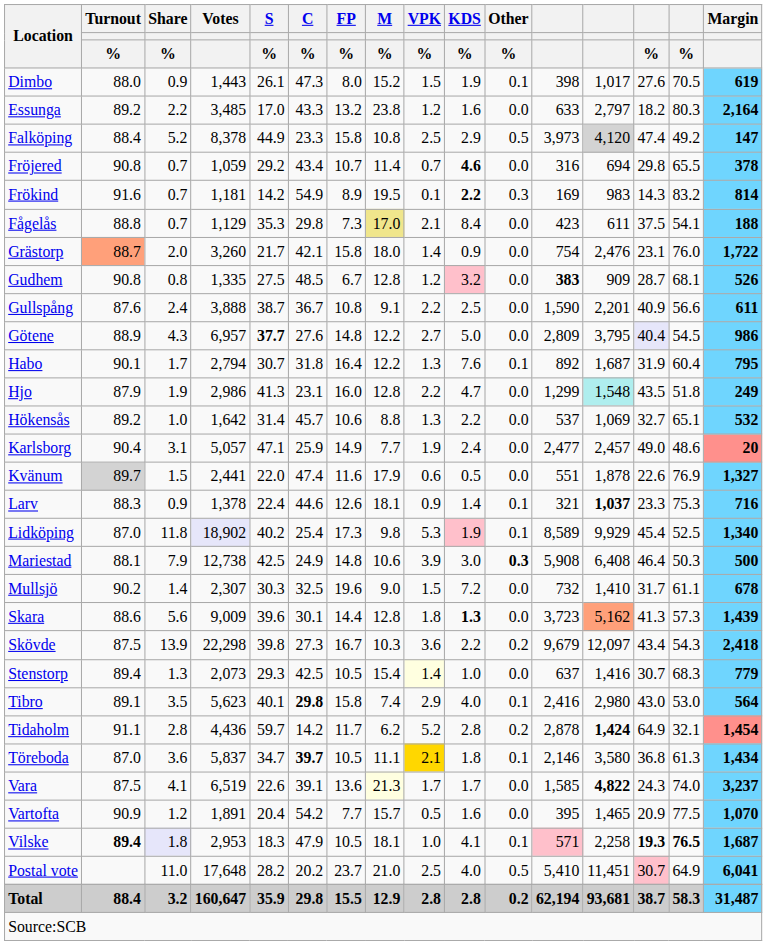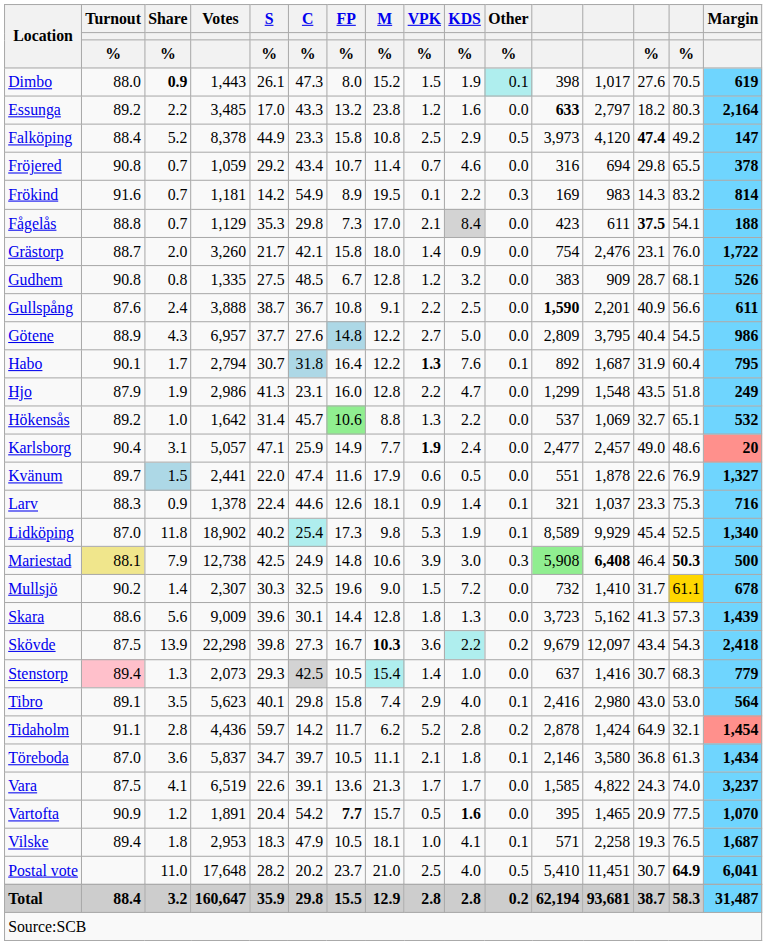 <table class="wikitable sortable" style="text-align:right; font-size:95%; line-height:20px;">
 <tr>
 <th rowspan="3">Location</th>
 <th>Turnout</th>
 <th>Share</th>
 <th>Votes</th>
 <th width="30px" class="unsortable"><a href='#'>S</a></th>
 <th width="30px" class="unsortable"><a href='#'>C</a></th>
 <th width="30px" class="unsortable"><a href='#'>FP</a></th>
 <th width="30px" class="unsortable"><a href='#'>M</a></th>
 <th width="30px" class="unsortable"><a href='#'>VPK</a></th>
 <th width="30px" class="unsortable"><a href='#'>KDS</a></th>
 <th width="30px" class="unsortable">Other</th>
 <th></th>
 <th></th>
 <th></th>
 <th></th>
 <th>Margin</th>
 </tr>
 <tr>
 <th></th>
 <th></th>
 <th></th>
 <th style="background:"></th>
 <th style="background:"></th>
 <th style="background:"></th>
 <th style="background:"></th>
 <th style="background:"></th>
 <th style="background:"></th>
 <th style="background:"></th>
 <th style="background:"></th>
 <th style="background:"></th>
 <th style="background:"></th>
 <th style="background:"></th>
 <th></th>
 </tr>
 <tr>
 <th data-sort-type="number">%</th>
 <th data-sort-type="number">%</th>
 <th></th>
 <th data-sort-type="number">%</th>
 <th data-sort-type="number">%</th>
 <th data-sort-type="number">%</th>
 <th data-sort-type="number">%</th>
 <th data-sort-type="number">%</th>
 <th data-sort-type="number">%</th>
 <th data-sort-type="number">%</th>
 <th data-sort-type="number"></th>
 <th data-sort-type="number"></th>
 <th data-sort-type="number">%</th>
 <th data-sort-type="number">%</th>
 <th data-sort-type="number"></th>
 </tr>
 <tr>
 <td align=left><a href='#'>Dimbo</a></td>
 <td>88.0</td>
-<td>0.9</td>
+<td><strong>0.9</strong></td>
 <td>1,443</td>
 <td>26.1</td>
 <td>47.3</td>
 <td>8.0</td>
 <td>15.2</td>
 <td>1.5</td>
 <td>1.9</td>
-<td>0.1</td>
+<td style="background: paleturquoise;">0.1</td>
 <td>398</td>
 <td>1,017</td>
 <td>27.6</td>
 <td>70.5</td>
 <td bgcolor=#6fd5fe><strong>619</strong></td>
 </tr>
 <tr>
 <td align=left><a href='#'>Essunga</a></td>
 <td>89.2</td>
 <td>2.2</td>
 <td>3,485</td>
 <td>17.0</td>
 <td>43.3</td>
 <td>13.2</td>
 <td>23.8</td>
 <td>1.2</td>
 <td>1.6</td>
 <td>0.0</td>
-<td>633</td>
+<td><strong>633</strong></td>
 <td>2,797</td>
 <td>18.2</td>
 <td>80.3</td>
 <td bgcolor=#6fd5fe><strong>2,164</strong></td>
 </tr>
 <tr>
 <td align=left><a href='#'>Falköping</a></td>
 <td>88.4</td>
 <td>5.2</td>
 <td>8,378</td>
 <td>44.9</td>
 <td>23.3</td>
 <td>15.8</td>
 <td>10.8</td>
 <td>2.5</td>
 <td>2.9</td>
 <td>0.5</td>
 <td>3,973</td>
-<td style="background: lightgrey;">4,120</td>
-<td>47.4</td>
+<td>4,120</td>
+<td><strong>47.4</strong></td>
 <td>49.2</td>
 <td bgcolor=#6fd5fe><strong>147</strong></td>
 </tr>
 <tr>
 <td align=left><a href='#'>Fröjered</a></td>
 <td>90.8</td>
 <td>0.7</td>
 <td>1,059</td>
 <td>29.2</td>
 <td>43.4</td>
 <td>10.7</td>
 <td>11.4</td>
 <td>0.7</td>
-<td><strong>4.6</strong></td>
+<td>4.6</td>
 <td>0.0</td>
 <td>316</td>
 <td>694</td>
 <td>29.8</td>
 <td>65.5</td>
 <td bgcolor=#6fd5fe><strong>378</strong></td>
 </tr>
 <tr>
 <td align=left><a href='#'>Frökind</a></td>
 <td>91.6</td>
 <td>0.7</td>
 <td>1,181</td>
 <td>14.2</td>
 <td>54.9</td>
 <td>8.9</td>
 <td>19.5</td>
 <td>0.1</td>
-<td><strong>2.2</strong></td>
+<td>2.2</td>
 <td>0.3</td>
 <td>169</td>
 <td>983</td>
 <td>14.3</td>
 <td>83.2</td>
 <td bgcolor=#6fd5fe><strong>814</strong></td>
 </tr>
 <tr>
 <td align=left><a href='#'>Fågelås</a></td>
 <td>88.8</td>
 <td>0.7</td>
 <td>1,129</td>
 <td>35.3</td>
 <td>29.8</td>
 <td>7.3</td>
-<td style="background: khaki;">17.0</td>
+<td>17.0</td>
 <td>2.1</td>
-<td>8.4</td>
+<td style="background: lightgrey;">8.4</td>
 <td>0.0</td>
 <td>423</td>
 <td>611</td>
-<td>37.5</td>
+<td><strong>37.5</strong></td>
 <td>54.1</td>
 <td bgcolor=#6fd5fe><strong>188</strong></td>
 </tr>
 <tr>
 <td align=left><a href='#'>Grästorp</a></td>
-<td style="background: lightsalmon;">88.7</td>
+<td>88.7</td>
 <td>2.0</td>
 <td>3,260</td>
 <td>21.7</td>
 <td>42.1</td>
 <td>15.8</td>
 <td>18.0</td>
 <td>1.4</td>
 <td>0.9</td>
 <td>0.0</td>
 <td>754</td>
 <td>2,476</td>
 <td>23.1</td>
 <td>76.0</td>
 <td bgcolor=#6fd5fe><strong>1,722</strong></td>
 </tr>
 <tr>
 <td align=left><a href='#'>Gudhem</a></td>
 <td>90.8</td>
 <td>0.8</td>
 <td>1,335</td>
 <td>27.5</td>
 <td>48.5</td>
 <td>6.7</td>
 <td>12.8</td>
 <td>1.2</td>
-<td style="background: pink;">3.2</td>
+<td>3.2</td>
 <td>0.0</td>
-<td><strong>383</strong></td>
+<td>383</td>
 <td>909</td>
 <td>28.7</td>
 <td>68.1</td>
 <td bgcolor=#6fd5fe><strong>526</strong></td>
 </tr>
 <tr>
 <td align=left><a href='#'>Gullspång</a></td>
 <td>87.6</td>
 <td>2.4</td>
 <td>3,888</td>
 <td>38.7</td>
 <td>36.7</td>
 <td>10.8</td>
 <td>9.1</td>
 <td>2.2</td>
 <td>2.5</td>
 <td>0.0</td>
-<td>1,590</td>
+<td><strong>1,590</strong></td>
 <td>2,201</td>
 <td>40.9</td>
 <td>56.6</td>
 <td bgcolor=#6fd5fe><strong>611</strong></td>
 </tr>
 <tr>
 <td align=left><a href='#'>Götene</a></td>
 <td>88.9</td>
 <td>4.3</td>
 <td>6,957</td>
-<td><strong>37.7</strong></td>
+<td>37.7</td>
 <td>27.6</td>
-<td>14.8</td>
+<td style="background: lightblue;">14.8</td>
 <td>12.2</td>
 <td>2.7</td>
 <td>5.0</td>
 <td>0.0</td>
 <td>2,809</td>
 <td>3,795</td>
-<td style="background: lavender;">40.4</td>
+<td>40.4</td>
 <td>54.5</td>
 <td bgcolor=#6fd5fe><strong>986</strong></td>
 </tr>
 <tr>
 <td align=left><a href='#'>Habo</a></td>
 <td>90.1</td>
 <td>1.7</td>
 <td>2,794</td>
 <td>30.7</td>
-<td>31.8</td>
+<td style="background: lightblue;">31.8</td>
 <td>16.4</td>
 <td>12.2</td>
-<td>1.3</td>
+<td><strong>1.3</strong></td>
 <td>7.6</td>
 <td>0.1</td>
 <td>892</td>
 <td>1,687</td>
 <td>31.9</td>
 <td>60.4</td>
 <td bgcolor=#6fd5fe><strong>795</strong></td>
 </tr>
 <tr>
 <td align=left><a href='#'>Hjo</a></td>
 <td>87.9</td>
 <td>1.9</td>
 <td>2,986</td>
 <td>41.3</td>
 <td>23.1</td>
 <td>16.0</td>
 <td>12.8</td>
 <td>2.2</td>
 <td>4.7</td>
 <td>0.0</td>
 <td>1,299</td>
-<td style="background: paleturquoise;">1,548</td>
+<td>1,548</td>
 <td>43.5</td>
 <td>51.8</td>
 <td bgcolor=#6fd5fe><strong>249</strong></td>
 </tr>
 <tr>
 <td align=left><a href='#'>Hökensås</a></td>
 <td>89.2</td>
 <td>1.0</td>
 <td>1,642</td>
 <td>31.4</td>
 <td>45.7</td>
-<td>10.6</td>
+<td style="background: lightgreen;">10.6</td>
 <td>8.8</td>
 <td>1.3</td>
 <td>2.2</td>
 <td>0.0</td>
 <td>537</td>
 <td>1,069</td>
 <td>32.7</td>
 <td>65.1</td>
 <td bgcolor=#6fd5fe><strong>532</strong></td>
 </tr>
 <tr>
 <td align=left><a href='#'>Karlsborg</a></td>
 <td>90.4</td>
 <td>3.1</td>
 <td>5,057</td>
 <td>47.1</td>
 <td>25.9</td>
 <td>14.9</td>
 <td>7.7</td>
-<td>1.9</td>
+<td><strong>1.9</strong></td>
 <td>2.4</td>
 <td>0.0</td>
 <td>2,477</td>
 <td>2,457</td>
 <td>49.0</td>
 <td>48.6</td>
 <td bgcolor=#ff908c><strong>20</strong></td>
 </tr>
 <tr>
 <td align=left><a href='#'>Kvänum</a></td>
-<td style="background: lightgrey;">89.7</td>
-<td>1.5</td>
+<td>89.7</td>
+<td style="background: lightblue;">1.5</td>
 <td>2,441</td>
 <td>22.0</td>
 <td>47.4</td>
 <td>11.6</td>
 <td>17.9</td>
 <td>0.6</td>
 <td>0.5</td>
 <td>0.0</td>
 <td>551</td>
 <td>1,878</td>
 <td>22.6</td>
 <td>76.9</td>
 <td bgcolor=#6fd5fe><strong>1,327</strong></td>
 </tr>
 <tr>
 <td align=left><a href='#'>Larv</a></td>
 <td>88.3</td>
 <td>0.9</td>
 <td>1,378</td>
 <td>22.4</td>
 <td>44.6</td>
 <td>12.6</td>
 <td>18.1</td>
 <td>0.9</td>
 <td>1.4</td>
 <td>0.1</td>
 <td>321</td>
-<td><strong>1,037</strong></td>
+<td>1,037</td>
 <td>23.3</td>
 <td>75.3</td>
 <td bgcolor=#6fd5fe><strong>716</strong></td>
 </tr>
 <tr>
 <td align=left><a href='#'>Lidköping</a></td>
 <td>87.0</td>
 <td>11.8</td>
-<td style="background: lavender;">18,902</td>
+<td>18,902</td>
 <td>40.2</td>
-<td>25.4</td>
+<td style="background: paleturquoise;">25.4</td>
 <td>17.3</td>
 <td>9.8</td>
 <td>5.3</td>
-<td style="background: pink;">1.9</td>
+<td>1.9</td>
 <td>0.1</td>
 <td>8,589</td>
 <td>9,929</td>
 <td>45.4</td>
 <td>52.5</td>
 <td bgcolor=#6fd5fe><strong>1,340</strong></td>
 </tr>
 <tr>
 <td align=left><a href='#'>Mariestad</a></td>
-<td>88.1</td>
+<td style="background: khaki;">88.1</td>
 <td>7.9</td>
 <td>12,738</td>
 <td>42.5</td>
 <td>24.9</td>
 <td>14.8</td>
 <td>10.6</td>
 <td>3.9</td>
 <td>3.0</td>
-<td><strong>0.3</strong></td>
-<td>5,908</td>
-<td>6,408</td>
+<td>0.3</td>
+<td style="background: lightgreen;">5,908</td>
+<td><strong>6,408</strong></td>
 <td>46.4</td>
-<td>50.3</td>
+<td><strong>50.3</strong></td>
 <td bgcolor=#6fd5fe><strong>500</strong></td>
 </tr>
 <tr>
 <td align=left><a href='#'>Mullsjö</a></td>
 <td>90.2</td>
 <td>1.4</td>
 <td>2,307</td>
 <td>30.3</td>
 <td>32.5</td>
 <td>19.6</td>
 <td>9.0</td>
 <td>1.5</td>
 <td>7.2</td>
 <td>0.0</td>
 <td>732</td>
 <td>1,410</td>
 <td>31.7</td>
-<td>61.1</td>
+<td style="background: gold;">61.1</td>
 <td bgcolor=#6fd5fe><strong>678</strong></td>
 </tr>
 <tr>
 <td align=left><a href='#'>Skara</a></td>
 <td>88.6</td>
 <td>5.6</td>
 <td>9,009</td>
 <td>39.6</td>
 <td>30.1</td>
 <td>14.4</td>
 <td>12.8</td>
 <td>1.8</td>
-<td><strong>1.3</strong></td>
+<td>1.3</td>
 <td>0.0</td>
 <td>3,723</td>
-<td style="background: lightsalmon;">5,162</td>
+<td>5,162</td>
 <td>41.3</td>
 <td>57.3</td>
 <td bgcolor=#6fd5fe><strong>1,439</strong></td>
 </tr>
 <tr>
 <td align=left><a href='#'>Skövde</a></td>
 <td>87.5</td>
 <td>13.9</td>
 <td>22,298</td>
 <td>39.8</td>
 <td>27.3</td>
 <td>16.7</td>
-<td>10.3</td>
+<td><strong>10.3</strong></td>
 <td>3.6</td>
-<td>2.2</td>
+<td style="background: paleturquoise;">2.2</td>
 <td>0.2</td>
 <td>9,679</td>
 <td>12,097</td>
 <td>43.4</td>
 <td>54.3</td>
 <td bgcolor=#6fd5fe><strong>2,418</strong></td>
 </tr>
 <tr>
 <td align=left><a href='#'>Stenstorp</a></td>
-<td>89.4</td>
+<td style="background: pink;">89.4</td>
 <td>1.3</td>
 <td>2,073</td>
 <td>29.3</td>
-<td>42.5</td>
+<td style="background: lightgrey;">42.5</td>
 <td>10.5</td>
-<td>15.4</td>
-<td style="background: lightyellow;">1.4</td>
+<td style="background: paleturquoise;">15.4</td>
+<td>1.4</td>
 <td>1.0</td>
 <td>0.0</td>
 <td>637</td>
 <td>1,416</td>
 <td>30.7</td>
 <td>68.3</td>
 <td bgcolor=#6fd5fe><strong>779</strong></td>
 </tr>
 <tr>
 <td align=left><a href='#'>Tibro</a></td>
 <td>89.1</td>
 <td>3.5</td>
 <td>5,623</td>
 <td>40.1</td>
-<td><strong>29.8</strong></td>
+<td>29.8</td>
 <td>15.8</td>
 <td>7.4</td>
 <td>2.9</td>
 <td>4.0</td>
 <td>0.1</td>
 <td>2,416</td>
 <td>2,980</td>
 <td>43.0</td>
 <td>53.0</td>
 <td bgcolor=#6fd5fe><strong>564</strong></td>
 </tr>
 <tr>
 <td align=left><a href='#'>Tidaholm</a></td>
 <td>91.1</td>
 <td>2.8</td>
 <td>4,436</td>
 <td>59.7</td>
 <td>14.2</td>
 <td>11.7</td>
 <td>6.2</td>
 <td>5.2</td>
 <td>2.8</td>
 <td>0.2</td>
 <td>2,878</td>
-<td><strong>1,424</strong></td>
+<td>1,424</td>
 <td>64.9</td>
 <td>32.1</td>
 <td bgcolor=#ff908c><strong>1,454</strong></td>
 </tr>
 <tr>
 <td align=left><a href='#'>Töreboda</a></td>
 <td>87.0</td>
 <td>3.6</td>
 <td>5,837</td>
 <td>34.7</td>
-<td><strong>39.7</strong></td>
+<td>39.7</td>
 <td>10.5</td>
 <td>11.1</td>
-<td style="background: gold;">2.1</td>
+<td>2.1</td>
 <td>1.8</td>
 <td>0.1</td>
 <td>2,146</td>
 <td>3,580</td>
 <td>36.8</td>
 <td>61.3</td>
 <td bgcolor=#6fd5fe><strong>1,434</strong></td>
 </tr>
 <tr>
 <td align=left><a href='#'>Vara</a></td>
 <td>87.5</td>
 <td>4.1</td>
 <td>6,519</td>
 <td>22.6</td>
 <td>39.1</td>
 <td>13.6</td>
-<td style="background: lightyellow;">21.3</td>
+<td>21.3</td>
 <td>1.7</td>
 <td>1.7</td>
 <td>0.0</td>
 <td>1,585</td>
-<td><strong>4,822</strong></td>
+<td>4,822</td>
 <td>24.3</td>
 <td>74.0</td>
 <td bgcolor=#6fd5fe><strong>3,237</strong></td>
 </tr>
 <tr>
 <td align=left><a href='#'>Vartofta</a></td>
 <td>90.9</td>
 <td>1.2</td>
 <td>1,891</td>
 <td>20.4</td>
 <td>54.2</td>
-<td>7.7</td>
+<td><strong>7.7</strong></td>
 <td>15.7</td>
 <td>0.5</td>
-<td>1.6</td>
+<td><strong>1.6</strong></td>
 <td>0.0</td>
 <td>395</td>
 <td>1,465</td>
 <td>20.9</td>
 <td>77.5</td>
 <td bgcolor=#6fd5fe><strong>1,070</strong></td>
 </tr>
 <tr>
 <td align=left><a href='#'>Vilske</a></td>
-<td><strong>89.4</strong></td>
-<td style="background: lavender;">1.8</td>
+<td>89.4</td>
+<td>1.8</td>
 <td>2,953</td>
 <td>18.3</td>
 <td>47.9</td>
 <td>10.5</td>
 <td>18.1</td>
 <td>1.0</td>
 <td>4.1</td>
 <td>0.1</td>
-<td style="background: pink;">571</td>
+<td>571</td>
 <td>2,258</td>
-<td><strong>19.3</strong></td>
-<td><strong>76.5</strong></td>
+<td>19.3</td>
+<td>76.5</td>
 <td bgcolor=#6fd5fe><strong>1,687</strong></td>
 </tr>
 <tr>
 <td align=left><a href='#'>Postal vote</a></td>
 <td></td>
 <td>11.0</td>
 <td>17,648</td>
 <td>28.2</td>
 <td>20.2</td>
 <td>23.7</td>
 <td>21.0</td>
 <td>2.5</td>
 <td>4.0</td>
 <td>0.5</td>
 <td>5,410</td>
 <td>11,451</td>
-<td style="background: pink;">30.7</td>
-<td>64.9</td>
+<td>30.7</td>
+<td><strong>64.9</strong></td>
 <td bgcolor=#6fd5fe><strong>6,041</strong></td>
 </tr>
 <tr>
 </tr>
 <tr style="background:#CDCDCD;">
 <td align=left><strong>Total</strong></td>
 <td><strong>88.4</strong></td>
 <td><strong>3.2</strong></td>
 <td><strong>160,647</strong></td>
 <td><strong>35.9</strong></td>
 <td><strong>29.8</strong></td>
 <td><strong>15.5</strong></td>
 <td><strong>12.9</strong></td>
 <td><strong>2.8</strong></td>
 <td><strong>2.8</strong></td>
 <td><strong>0.2</strong></td>
 <td><strong>62,194</strong></td>
 <td><strong>93,681</strong></td>
 <td><strong>38.7</strong></td>
 <td><strong>58.3</strong></td>
 <td bgcolor=#6fd5fe><strong>31,487</strong></td>
 </tr>
 <tr>
 <td align=left colspan=16>Source:SCB </td>
 </tr>
 </table>
